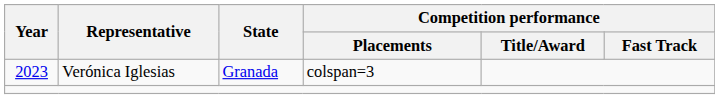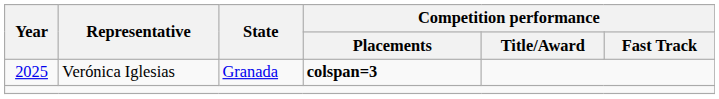 <table class="wikitable defaultcenter" style="font-size:90%; width:100%;">
 <tr>
 <th rowspan=2>Year</th>
 <th rowspan=2>Representative</th>
 <th rowspan=2>State</th>
 <th colspan=3>Competition performance</th>
 </tr>
 <tr>
 <th width=150px>Placements</th>
 <th>Title/Award</th>
 <th>Fast Track</th>
 </tr>
 <tr>
-<td align="center"><a href='#'>2023</a></td>
+<td align="center"><a href='#'>2025</a></td>
 <td>Verónica Iglesias</td>
 <td><a href='#'>Granada</a></td>
-<td>colspan=3 </td>
+<td><strong>colspan=3 </strong></td>
 </tr>
 <tr>
 <td colspan=6></td>
 </tr>
 </table>
